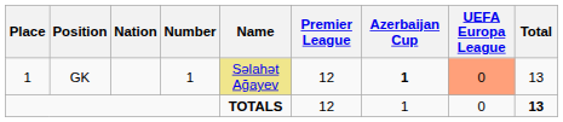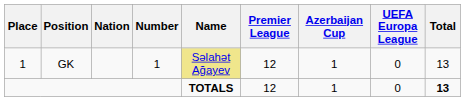 <table class="wikitable" style="font-size: 95%; text-align: center;">
 <tr>
 <th width=60>Place</th>
 <th width=60>Position</th>
 <th width=60>Nation</th>
 <th width=60>Number</th>
 <th width=200>Name</th>
 <th width=200><a href='#'>Premier League</a></th>
 <th width=200><a href='#'>Azerbaijan Cup</a></th>
 <th width=200><a href='#'>UEFA Europa League</a></th>
 <th width=80><strong>Total</strong></th>
 </tr>
 <tr>
 <td>1</td>
 <td>GK</td>
 <td></td>
 <td>1</td>
 <td style="background: khaki;"><a href='#'>Səlahət Ağayev</a></td>
 <td>12</td>
-<td><strong>1</strong></td>
-<td style="background: lightsalmon;">0</td>
+<td>1</td>
+<td>0</td>
 <td>13</td>
 </tr>
 <tr>
 <td colspan="4"></td>
 <td><strong>TOTALS</strong></td>
 <td>12</td>
 <td>1</td>
 <td>0</td>
 <td><strong>13</strong></td>
 </tr>
 </table>
